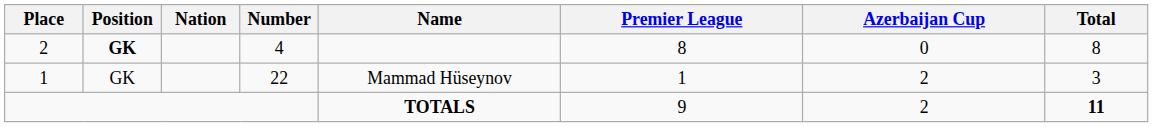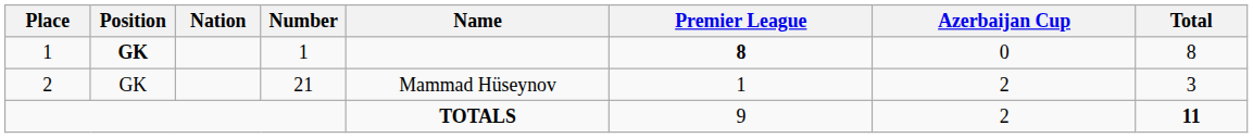 <table class="wikitable" style="font-size: 95%; text-align: center;">
 <tr>
 <th width=60>Place</th>
 <th width=60>Position</th>
 <th width=60>Nation</th>
 <th width=60>Number</th>
 <th width=200>Name</th>
 <th width=200><a href='#'>Premier League</a></th>
 <th width=200><a href='#'>Azerbaijan Cup</a></th>
 <th width=80><strong>Total</strong></th>
 </tr>
 <tr>
-<td>2</td>
+<td>1</td>
 <td><strong>GK</strong></td>
 <td></td>
-<td>4</td>
+<td>1</td>
 <td></td>
-<td>8</td>
+<td><strong>8</strong></td>
 <td>0</td>
 <td>8</td>
 </tr>
 <tr>
-<td>1</td>
+<td>2</td>
 <td>GK</td>
 <td></td>
-<td>22</td>
+<td>21</td>
 <td>Mammad Hüseynov</td>
 <td>1</td>
 <td>2</td>
 <td>3</td>
 </tr>
 <tr>
 <td colspan="4"></td>
 <td><strong>TOTALS</strong></td>
 <td>9</td>
 <td>2</td>
 <td><strong>11</strong></td>
 </tr>
 </table>
